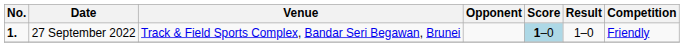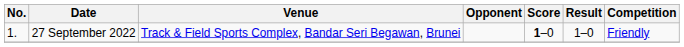 <table class="wikitable">
 <tr>
 <th>No.</th>
 <th>Date</th>
 <th>Venue</th>
 <th>Opponent</th>
 <th>Score</th>
 <th>Result</th>
 <th>Competition</th>
 </tr>
 <tr>
-<td><strong>1.</strong></td>
+<td>1.</td>
 <td>27 September 2022</td>
 <td><a href='#'>Track & Field Sports Complex</a>, <a href='#'>Bandar Seri Begawan</a>, <a href='#'>Brunei</a></td>
 <td></td>
-<td align=center style="background: lightblue;"><strong>1</strong>–0</td>
+<td align=center><strong>1</strong>–0</td>
 <td align=center>1–0</td>
 <td><a href='#'>Friendly</a></td>
 </tr>
 <tr>
 </tr>
 </table>
